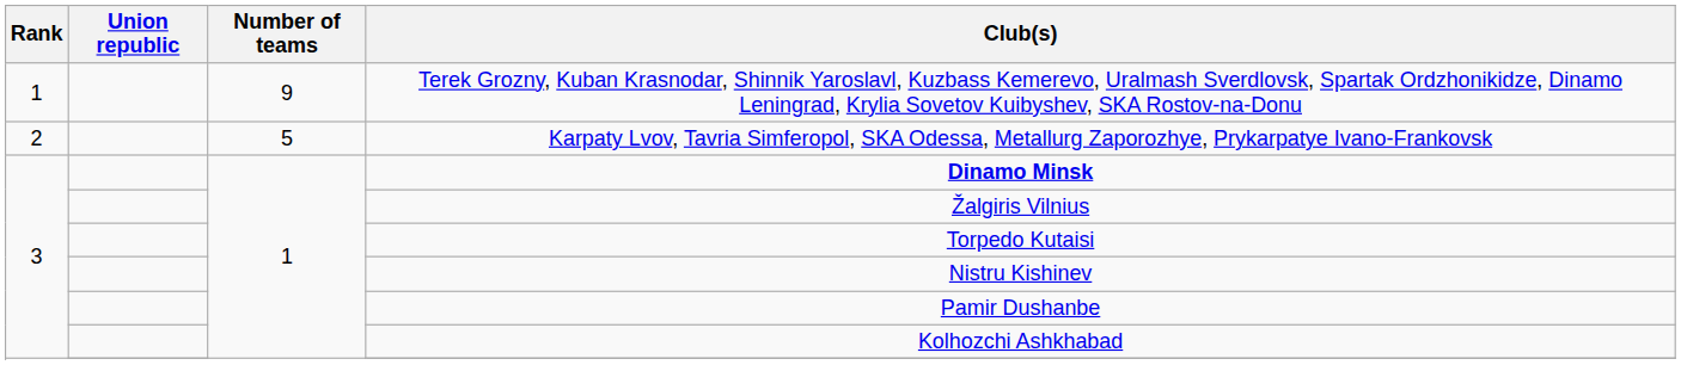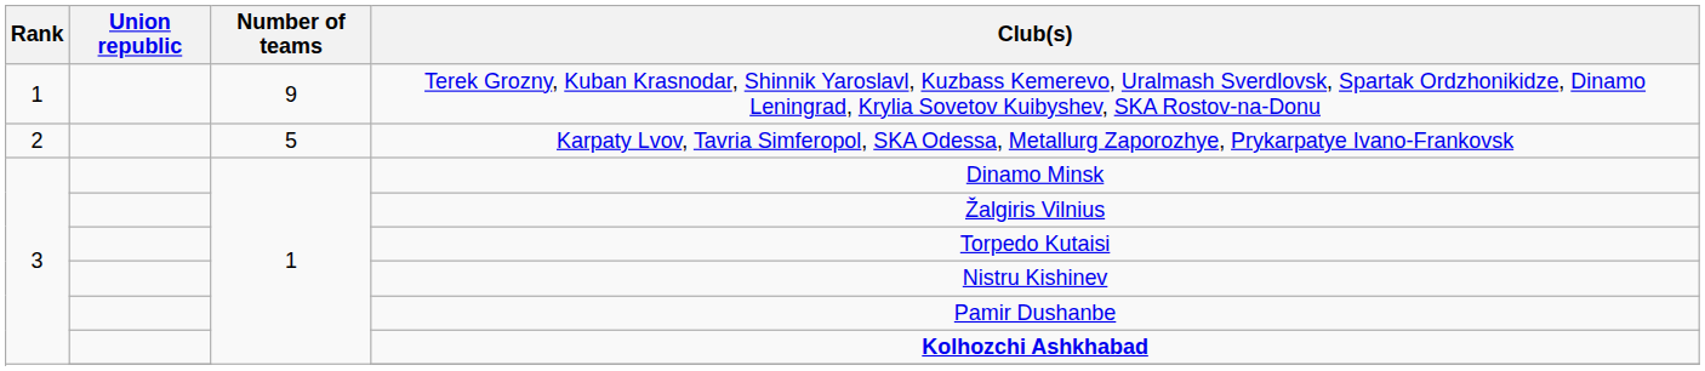 <table class="wikitable">
 <tr>
 <th>Rank</th>
 <th><a href='#'>Union republic</a></th>
 <th>Number of teams</th>
 <th>Club(s)</th>
 </tr>
 <tr>
 <td align="center">1</td>
 <td></td>
 <td align="center">9</td>
 <td align="center"><a href='#'>Terek Grozny</a>, <a href='#'>Kuban Krasnodar</a>, <a href='#'>Shinnik Yaroslavl</a>, <a href='#'>Kuzbass Kemerevo</a>, <a href='#'>Uralmash Sverdlovsk</a>, <a href='#'>Spartak Ordzhonikidze</a>, <a href='#'>Dinamo Leningrad</a>, <a href='#'>Krylia Sovetov Kuibyshev</a>, <a href='#'>SKA Rostov-na-Donu</a></td>
 </tr>
 <tr>
 <td align="center">2</td>
 <td></td>
 <td align="center">5</td>
 <td align="center"><a href='#'>Karpaty Lvov</a>, <a href='#'>Tavria Simferopol</a>, <a href='#'>SKA Odessa</a>, <a href='#'>Metallurg Zaporozhye</a>, <a href='#'>Prykarpatye Ivano-Frankovsk</a></td>
 </tr>
 <tr>
 <td align="center" rowspan=10>3</td>
 <td></td>
 <td align="center" rowspan=10>1</td>
-<td align="center"><strong><a href='#'>Dinamo Minsk</a></strong></td>
+<td align="center"><a href='#'>Dinamo Minsk</a></td>
 </tr>
 <tr>
 <td></td>
 <td align="center"><a href='#'>Žalgiris Vilnius</a></td>
 </tr>
 <tr>
 <td></td>
 <td align="center"><a href='#'>Torpedo Kutaisi</a></td>
 </tr>
 <tr>
 <td></td>
 <td align="center"><a href='#'>Nistru Kishinev</a></td>
 </tr>
 <tr>
 <td></td>
 <td align="center"><a href='#'>Pamir Dushanbe</a></td>
 </tr>
 <tr>
 <td></td>
-<td align="center"><a href='#'>Kolhozchi Ashkhabad</a></td>
+<td align="center"><strong><a href='#'>Kolhozchi Ashkhabad</a></strong></td>
 </tr>
 <tr>
 </tr>
 </table>
